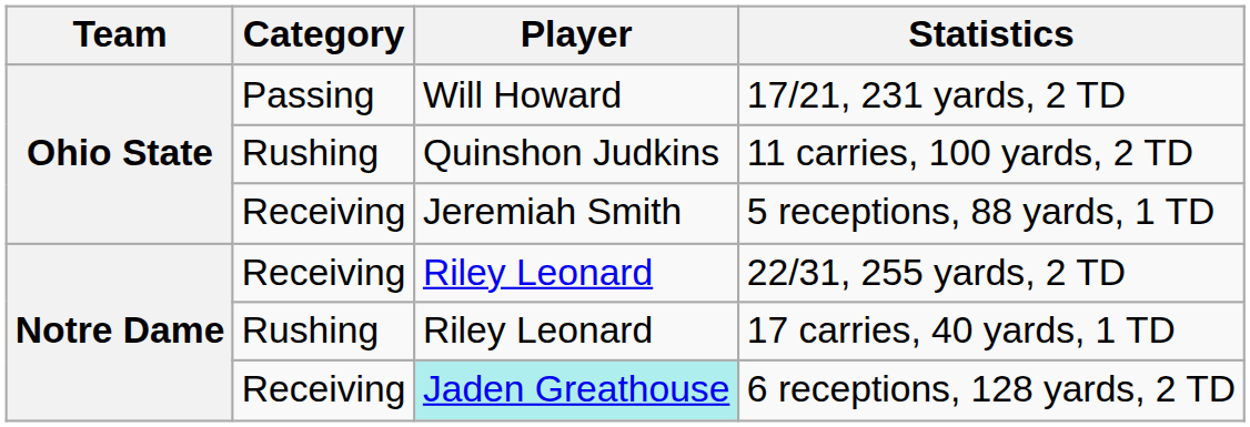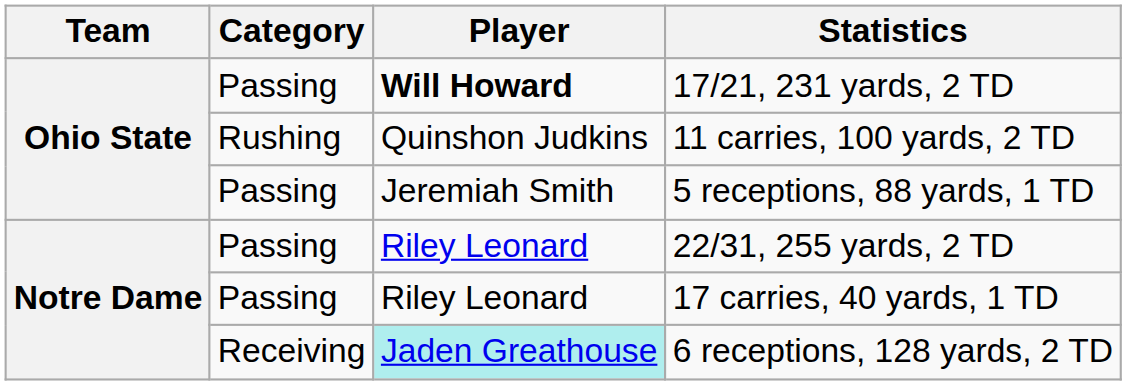 <table class="wikitable" style="float:right">
 <tr>
 <th>Team</th>
 <th>Category</th>
 <th>Player</th>
 <th>Statistics</th>
 </tr>
 <tr>
 <th rowspan=3>Ohio State</th>
 <td>Passing</td>
-<td>Will Howard</td>
+<td><strong>Will Howard</strong></td>
 <td>17/21, 231 yards, 2 TD</td>
 </tr>
 <tr>
 <td>Rushing</td>
 <td>Quinshon Judkins</td>
 <td>11 carries, 100 yards, 2 TD</td>
 </tr>
 <tr>
-<td>Receiving</td>
+<td>Passing</td>
 <td>Jeremiah Smith</td>
 <td>5 receptions, 88 yards, 1 TD</td>
 </tr>
 <tr>
 <th rowspan=3>Notre Dame</th>
-<td>Receiving</td>
+<td>Passing</td>
 <td><a href='#'>Riley Leonard</a></td>
 <td>22/31, 255 yards, 2 TD</td>
 </tr>
 <tr>
-<td>Rushing</td>
+<td>Passing</td>
 <td>Riley Leonard</td>
 <td>17 carries, 40 yards, 1 TD</td>
 </tr>
 <tr>
 <td>Receiving</td>
 <td style="background: paleturquoise;"><a href='#'>Jaden Greathouse</a></td>
 <td>6 receptions, 128 yards, 2 TD</td>
 </tr>
 </table>
